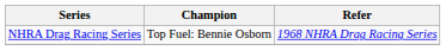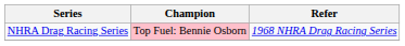 <table class="wikitable" style="font-size:87%;">
 <tr>
 <th>Series</th>
 <th>Champion</th>
 <th>Refer</th>
 </tr>
 <tr>
 <td><a href='#'>NHRA Drag Racing Series</a></td>
-<td>Top Fuel:  Bennie Osborn</td>
+<td style="background: pink;">Top Fuel:  Bennie Osborn</td>
 <td><em><a href='#'>1968 NHRA Drag Racing Series</a></em></td>
 </tr>
 <tr>
 </tr>
 </table>
